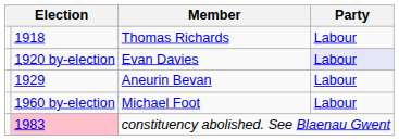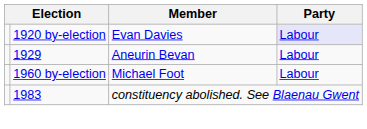 <table class="wikitable">
 <tr>
 <th colspan="2">Election</th>
 <th>Member</th>
 <th>Party</th>
-</tr>
-<tr>
-<td style="color:inherit;background-color: "></td>
-<td><a href='#'>1918</a></td>
-<td><a href='#'>Thomas Richards</a></td>
-<td><a href='#'>Labour</a></td>
 </tr>
 <tr>
 <td style="color:inherit;background-color: "></td>
 <td><a href='#'>1920 by-election</a></td>
 <td><a href='#'>Evan Davies</a></td>
 <td style="background: lavender;"><a href='#'>Labour</a></td>
 </tr>
 <tr>
 <td style="color:inherit;background-color: "></td>
 <td><a href='#'>1929</a></td>
 <td><a href='#'>Aneurin Bevan</a></td>
 <td><a href='#'>Labour</a></td>
 </tr>
 <tr>
 <td style="color:inherit;background-color: "></td>
 <td><a href='#'>1960 by-election</a></td>
 <td><a href='#'>Michael Foot</a></td>
 <td><a href='#'>Labour</a></td>
 </tr>
 <tr>
 <td></td>
-<td style="background: pink;"><a href='#'>1983</a></td>
+<td><a href='#'>1983</a></td>
 <td colspan="2"><em>constituency abolished. See <a href='#'>Blaenau Gwent</a></em></td>
 </tr>
 </table>
